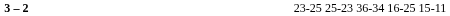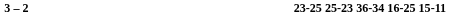 <table width=100% cellspacing=1>
 <tr>
 <th width=20%></th>
 <th width=12%></th>
 <th width=20%></th>
 <th width=33%></th>
 <td></td>
 </tr>
 <tr style=font-size:90%>
 <td align=right><strong></strong></td>
 <td align=center><strong>3 – 2</strong></td>
 <td></td>
-<td>23-25 25-23 36-34 16-25 15-11</td>
+<td><strong>23-25 25-23 36-34 16-25 15-11</strong></td>
 </tr>
 </table>
